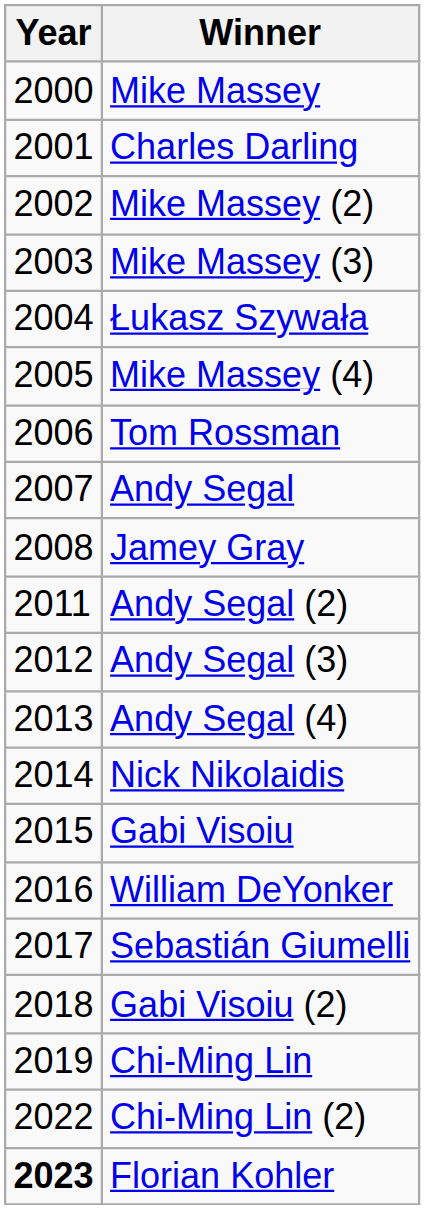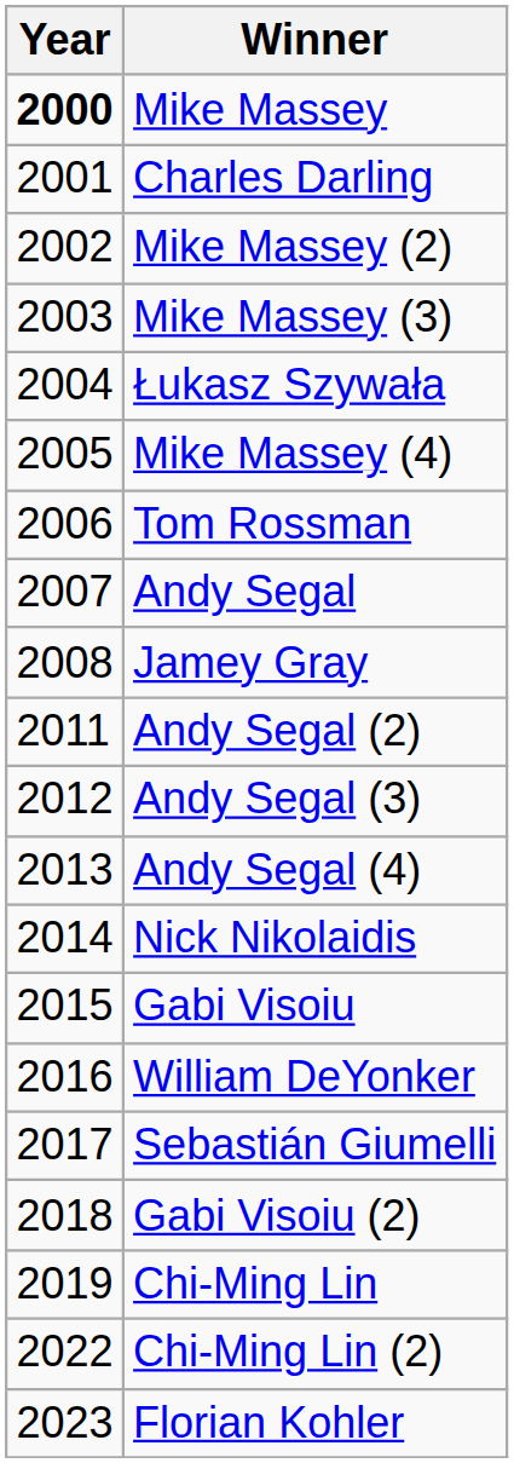 <table class="wikitable sortable">
 <tr>
 <th>Year</th>
 <th>Winner</th>
 </tr>
 <tr>
-<td>2000</td>
+<td><strong>2000</strong></td>
 <td> <a href='#'>Mike Massey</a></td>
 </tr>
 <tr>
 <td>2001</td>
 <td> <a href='#'>Charles Darling</a></td>
 </tr>
 <tr>
 <td>2002</td>
 <td> <a href='#'>Mike Massey</a> (2)</td>
 </tr>
 <tr>
 <td>2003</td>
 <td> <a href='#'>Mike Massey</a> (3)</td>
 </tr>
 <tr>
 <td>2004</td>
 <td> <a href='#'>Łukasz Szywała</a></td>
 </tr>
 <tr>
 <td>2005</td>
 <td> <a href='#'>Mike Massey</a> (4)</td>
 </tr>
 <tr>
 <td>2006</td>
 <td> <a href='#'>Tom Rossman</a></td>
 </tr>
 <tr>
 <td>2007</td>
 <td> <a href='#'>Andy Segal</a></td>
 </tr>
 <tr>
 <td>2008</td>
 <td> <a href='#'>Jamey Gray</a></td>
 </tr>
 <tr>
 <td>2011</td>
 <td> <a href='#'>Andy Segal</a> (2)</td>
 </tr>
 <tr>
 <td>2012</td>
 <td> <a href='#'>Andy Segal</a> (3)</td>
 </tr>
 <tr>
 <td>2013</td>
 <td> <a href='#'>Andy Segal</a> (4)</td>
 </tr>
 <tr>
 <td>2014</td>
 <td> <a href='#'>Nick Nikolaidis</a></td>
 </tr>
 <tr>
 <td>2015</td>
 <td> <a href='#'>Gabi Visoiu</a></td>
 </tr>
 <tr>
 <td>2016</td>
 <td> <a href='#'>William DeYonker</a></td>
 </tr>
 <tr>
 <td>2017</td>
 <td> <a href='#'>Sebastián Giumelli</a></td>
 </tr>
 <tr>
 <td>2018</td>
 <td> <a href='#'>Gabi Visoiu</a> (2)</td>
 </tr>
 <tr>
 <td>2019</td>
 <td> <a href='#'>Chi-Ming Lin</a></td>
 </tr>
 <tr>
 <td>2022</td>
 <td> <a href='#'>Chi-Ming Lin</a> (2)</td>
 </tr>
 <tr>
-<td><strong>2023</strong></td>
+<td>2023</td>
 <td> <a href='#'>Florian Kohler</a></td>
 </tr>
 </table>
